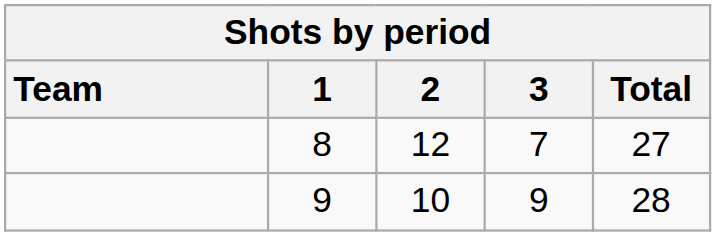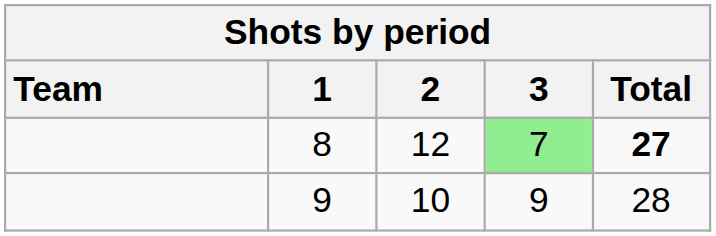 <table class="wikitable" style="width:20em; text-align:right;">
 <tr>
 <th colspan="6">Shots by period</th>
 </tr>
 <tr>
 <th style="width:8em; text-align:left;">Team</th>
 <th style="width:3em;">1</th>
 <th style="width:3em;">2</th>
 <th style="width:3em;">3</th>
 <th style="width:3em;">Total</th>
 </tr>
 <tr>
 <td style="text-align:left;"></td>
 <td style="text-align:center;">8</td>
 <td style="text-align:center;">12</td>
-<td style="text-align:center;">7</td>
-<td style="text-align:center;">27</td>
+<td style="background: lightgreen; text-align:center;">7</td>
+<td style="text-align:center;"><strong>27</strong></td>
 </tr>
 <tr>
 <td style="text-align:left;"></td>
 <td style="text-align:center;">9</td>
 <td style="text-align:center;">10</td>
 <td style="text-align:center;">9</td>
 <td style="text-align:center;">28</td>
 </tr>
 </table>
